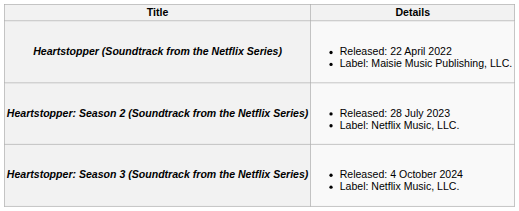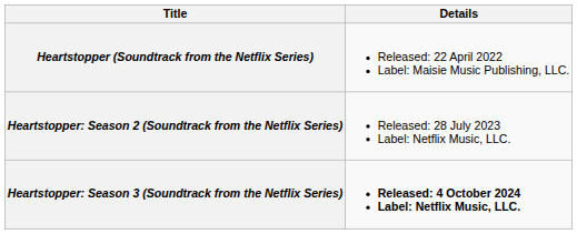 <table class="wikitable">
 <tr>
 <th>Title</th>
 <th>Details</th>
 </tr>
 <tr>
 <th><strong><em>Heartstopper (Soundtrack from the Netflix Series)</em></strong></th>
 <td><br><ul><li>Released: 22 April 2022</li><li>Label: Maisie Music Publishing, LLC.</li></ul></td>
 </tr>
 <tr>
 <th><strong><em>Heartstopper: Season 2 (Soundtrack from the Netflix Series)</em></strong></th>
 <td><br><ul><li>Released: 28 July 2023</li><li>Label: Netflix Music, LLC.</li></ul></td>
 </tr>
 <tr>
 <th><strong><em>Heartstopper: Season 3 (Soundtrack from the Netflix Series)</em></strong></th>
-<td><br><ul><li>Released: 4 October 2024</li><li>Label: Netflix Music, LLC.</li></ul></td>
+<td><strong><br><ul><li>Released: 4 October 2024</li><li>Label: Netflix Music, LLC.</li></ul></strong></td>
 </tr>
 </table>
